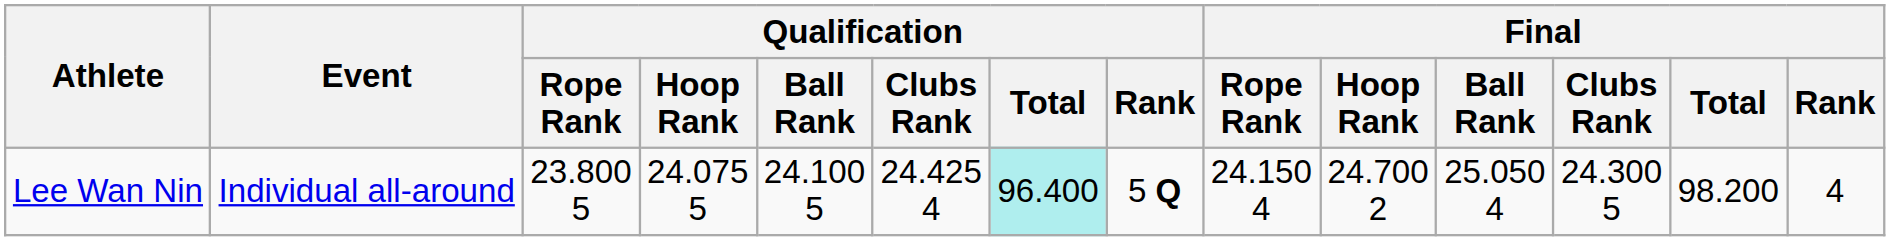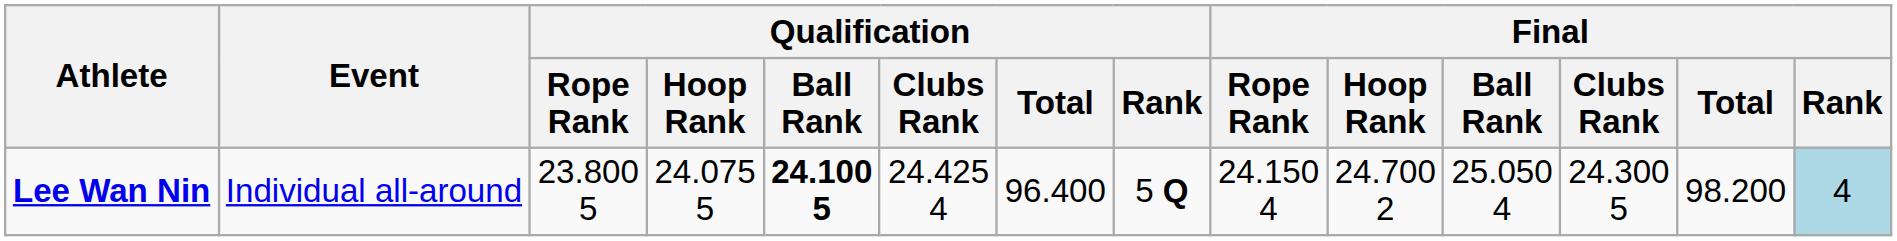 <table class="wikitable" border="1" style="font-size:90%">
 <tr>
 <th rowspan=2>Athlete</th>
 <th rowspan=2>Event</th>
 <th colspan=6>Qualification</th>
 <th colspan=6>Final</th>
 </tr>
 <tr>
 <th>Rope<br>Rank</th>
 <th>Hoop<br>Rank</th>
 <th>Ball<br>Rank</th>
 <th>Clubs<br>Rank</th>
 <th>Total</th>
 <th>Rank</th>
 <th>Rope<br>Rank</th>
 <th>Hoop<br>Rank</th>
 <th>Ball<br>Rank</th>
 <th>Clubs<br>Rank</th>
 <th>Total</th>
 <th>Rank</th>
 </tr>
 <tr>
-<td><a href='#'>Lee Wan Nin</a></td>
+<td><strong><a href='#'>Lee Wan Nin</a></strong></td>
 <td><a href='#'>Individual all-around</a></td>
 <td align=center>23.800<br>5</td>
 <td align=center>24.075<br>5</td>
-<td align=center>24.100<br>5</td>
+<td align=center><strong>24.100<br>5</strong></td>
 <td align=center>24.425<br>4</td>
-<td align=center style="background: paleturquoise;">96.400</td>
+<td align=center>96.400</td>
 <td align=center>5 <strong>Q</strong></td>
 <td align=center>24.150<br>4</td>
 <td align=center>24.700<br>2</td>
 <td align=center>25.050<br>4</td>
 <td align=center>24.300<br>5</td>
 <td align=center>98.200</td>
-<td align=center>4</td>
+<td align=center style="background: lightblue;">4</td>
 </tr>
 </table>
